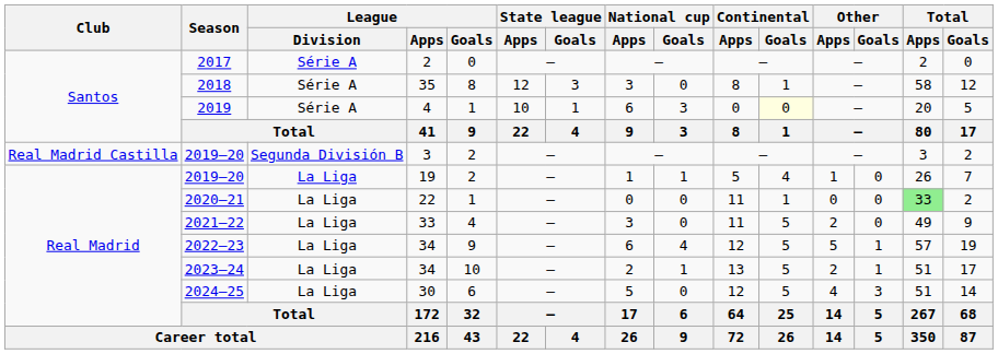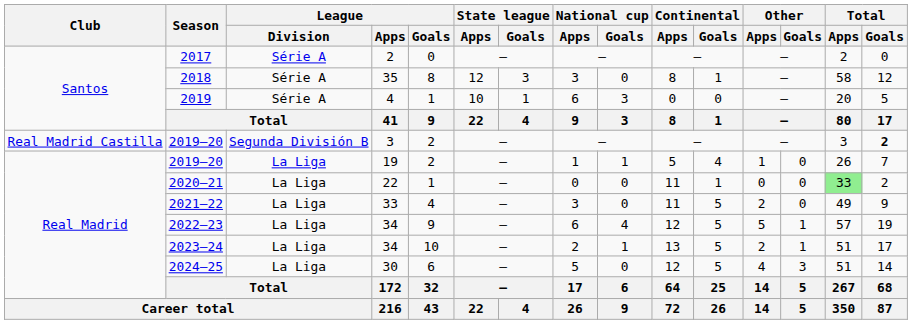 <table class="wikitable" style="text-align: center;">
 <tr>
 <th rowspan="2">Club</th>
 <th rowspan="2">Season</th>
 <th colspan="3">League</th>
 <th colspan="2">State league</th>
 <th colspan="2">National cup</th>
 <th colspan="2">Continental</th>
 <th colspan="2">Other</th>
 <th colspan="2">Total</th>
 </tr>
 <tr>
 <th>Division</th>
 <th>Apps</th>
 <th>Goals</th>
 <th>Apps</th>
 <th>Goals</th>
 <th>Apps</th>
 <th>Goals</th>
 <th>Apps</th>
 <th>Goals</th>
 <th>Apps</th>
 <th>Goals</th>
 <th>Apps</th>
 <th>Goals</th>
 </tr>
 <tr>
 <td rowspan="4"><a href='#'>Santos</a></td>
 <td><a href='#'>2017</a></td>
 <td><a href='#'>Série A</a></td>
 <td>2</td>
 <td>0</td>
 <td colspan="2">—</td>
 <td colspan="2">—</td>
 <td colspan="2">—</td>
 <td colspan="2">—</td>
 <td>2</td>
 <td>0</td>
 </tr>
 <tr>
 <td><a href='#'>2018</a></td>
 <td>Série A</td>
 <td>35</td>
 <td>8</td>
 <td>12</td>
 <td>3</td>
 <td>3</td>
 <td>0</td>
 <td>8</td>
 <td>1</td>
 <td colspan="2">—</td>
 <td>58</td>
 <td>12</td>
 </tr>
 <tr>
 <td><a href='#'>2019</a></td>
 <td>Série A</td>
 <td>4</td>
 <td>1</td>
 <td>10</td>
 <td>1</td>
 <td>6</td>
 <td>3</td>
 <td>0</td>
-<td style="background: lightyellow;">0</td>
+<td>0</td>
 <td colspan="2">—</td>
 <td>20</td>
 <td>5</td>
 </tr>
 <tr>
 <th colspan="2">Total</th>
 <th>41</th>
 <th>9</th>
 <th>22</th>
 <th>4</th>
 <th>9</th>
 <th>3</th>
 <th>8</th>
 <th>1</th>
 <th colspan="2">—</th>
 <th>80</th>
 <th>17</th>
 </tr>
 <tr>
 <td><a href='#'>Real Madrid Castilla</a></td>
 <td><a href='#'>2019–20</a></td>
 <td><a href='#'>Segunda División B</a></td>
 <td>3</td>
 <td>2</td>
 <td colspan="2">—</td>
 <td colspan="2">—</td>
 <td colspan="2">—</td>
 <td colspan="2">—</td>
 <td>3</td>
-<td>2</td>
+<td><strong>2</strong></td>
 </tr>
 <tr>
 <td rowspan=7><a href='#'>Real Madrid</a></td>
 <td><a href='#'>2019–20</a></td>
 <td><a href='#'>La Liga</a></td>
 <td>19</td>
 <td>2</td>
 <td colspan="2">—</td>
 <td>1</td>
 <td>1</td>
 <td>5</td>
 <td>4</td>
 <td>1</td>
 <td>0</td>
 <td>26</td>
 <td>7</td>
 </tr>
 <tr>
 <td><a href='#'>2020–21</a></td>
 <td>La Liga</td>
 <td>22</td>
 <td>1</td>
 <td colspan="2">—</td>
 <td>0</td>
 <td>0</td>
 <td>11</td>
 <td>1</td>
 <td>0</td>
 <td>0</td>
 <td style="background: lightgreen;">33</td>
 <td>2</td>
 </tr>
 <tr>
 <td><a href='#'>2021–22</a></td>
 <td>La Liga</td>
 <td>33</td>
 <td>4</td>
 <td colspan="2">—</td>
 <td>3</td>
 <td>0</td>
 <td>11</td>
 <td>5</td>
 <td>2</td>
 <td>0</td>
 <td>49</td>
 <td>9</td>
 </tr>
 <tr>
 <td><a href='#'>2022–23</a></td>
 <td>La Liga</td>
 <td>34</td>
 <td>9</td>
 <td colspan="2">—</td>
 <td>6</td>
 <td>4</td>
 <td>12</td>
 <td>5</td>
 <td>5</td>
 <td>1</td>
 <td>57</td>
 <td>19</td>
 </tr>
 <tr>
 <td><a href='#'>2023–24</a></td>
 <td>La Liga</td>
 <td>34</td>
 <td>10</td>
 <td colspan="2">—</td>
 <td>2</td>
 <td>1</td>
 <td>13</td>
 <td>5</td>
 <td>2</td>
 <td>1</td>
 <td>51</td>
 <td>17</td>
 </tr>
 <tr>
 <td><a href='#'>2024–25</a></td>
 <td>La Liga</td>
 <td>30</td>
 <td>6</td>
 <td colspan="2">—</td>
 <td>5</td>
 <td>0</td>
 <td>12</td>
 <td>5</td>
 <td>4</td>
 <td>3</td>
 <td>51</td>
 <td>14</td>
 </tr>
 <tr>
 <th colspan="2">Total</th>
 <th>172</th>
 <th>32</th>
 <th colspan="2">—</th>
 <th>17</th>
 <th>6</th>
 <th>64</th>
 <th>25</th>
 <th>14</th>
 <th>5</th>
 <th>267</th>
 <th>68</th>
 </tr>
 <tr>
 <th colspan="3">Career total</th>
 <th>216</th>
 <th>43</th>
 <th>22</th>
 <th>4</th>
 <th>26</th>
 <th>9</th>
 <th>72</th>
 <th>26</th>
 <th>14</th>
 <th>5</th>
 <th>350</th>
 <th>87</th>
 </tr>
 </table>
